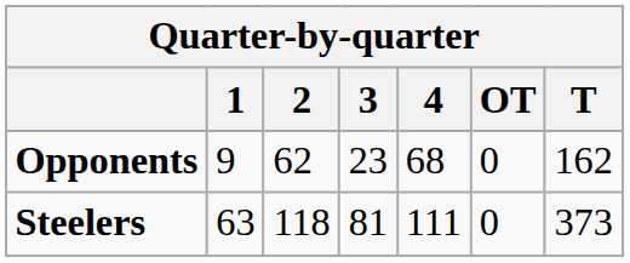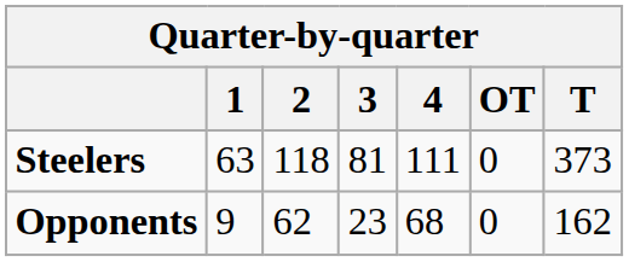 <table class="wikitable">
 <tr>
 <th colspan="7">Quarter-by-quarter</th>
 </tr>
 <tr>
 <th></th>
 <th>1</th>
 <th>2</th>
 <th>3</th>
 <th>4</th>
 <th>OT</th>
 <th>T</th>
 </tr>
 <tr>
+<td><strong>Steelers</strong></td>
+<td>63</td>
+<td>118</td>
+<td>81</td>
+<td>111</td>
+<td>0</td>
+<td>373</td>
+</tr>
+<tr>
 <td><strong>Opponents</strong></td>
 <td>9</td>
 <td>62</td>
 <td>23</td>
 <td>68</td>
 <td>0</td>
 <td>162</td>
 </tr>
-<tr>
-<td><strong>Steelers</strong></td>
-<td>63</td>
-<td>118</td>
-<td>81</td>
-<td>111</td>
-<td>0</td>
-<td>373</td>
-</tr>
 </table>
